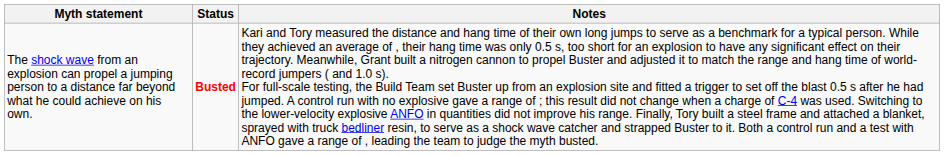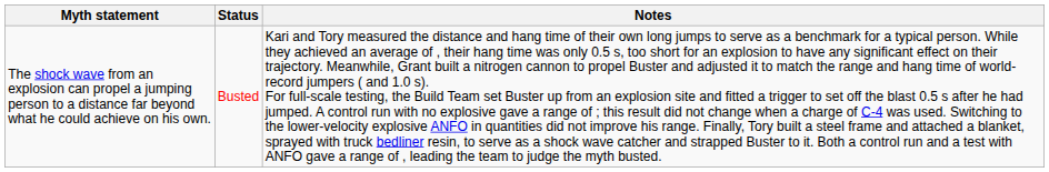 <table class="wikitable plainrowheaders">
 <tr>
 <th>Myth statement</th>
 <th>Status</th>
 <th>Notes</th>
 </tr>
 <tr>
 <td>The <a href='#'>shock wave</a> from an explosion can propel a jumping person to a distance far beyond what he could achieve on his own.</td>
-<td style="color:red"><strong>Busted</strong></td>
+<td style="color:red">Busted</td>
 <td>Kari and Tory measured the distance and hang time of their own long jumps to serve as a benchmark for a typical person. While they achieved an average of , their hang time was only 0.5 s, too short for an explosion to have any significant effect on their trajectory. Meanwhile, Grant built a nitrogen cannon to propel Buster and adjusted it to match the range and hang time of world-record jumpers ( and 1.0 s).<br>For full-scale testing, the Build Team set Buster up  from an explosion site and fitted a trigger to set off the blast 0.5 s after he had jumped. A control run with no explosive gave a range of ; this result did not change when a  charge of <a href='#'>C-4</a> was used. Switching to the lower-velocity explosive <a href='#'>ANFO</a> in  quantities did not improve his range. Finally, Tory built a steel frame and attached a blanket, sprayed with truck <a href='#'>bedliner</a> resin, to serve as a shock wave catcher and strapped Buster to it. Both a control run and a test with  ANFO gave a range of , leading the team to judge the myth busted.</td>
 </tr>
 </table>
